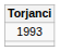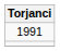 <table class="wikitable" style="margin: 0.5em auto; text-align: center;">
 <tr>
 <th colspan="1">Torjanci</th>
 </tr>
 <tr>
-<td>1993</td>
+<td>1991</td>
 </tr>
 <tr>
 <td></td>
 </tr>
 <tr>
 </tr>
 </table>
